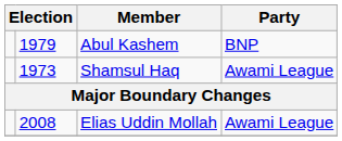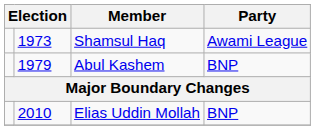 <table class="wikitable">
 <tr>
 <th colspan="2">Election</th>
 <th>Member</th>
 <th>Party</th>
 </tr>
 <tr>
 <td style="background-color:"></td>
+<td><a href='#'>1973</a></td>
+<td><a href='#'>Shamsul Haq</a></td>
+<td><a href='#'>Awami League</a></td>
+</tr>
+<tr>
+<td style="background-color:"></td>
 <td><a href='#'>1979</a></td>
 <td><a href='#'>Abul Kashem</a></td>
 <td><a href='#'>BNP</a></td>
-</tr>
-<tr>
-<td style="background-color:"></td>
-<td><a href='#'>1973</a></td>
-<td><a href='#'>Shamsul Haq</a></td>
-<td><a href='#'>Awami League</a></td>
 </tr>
 <tr>
 <th colspan="4">Major Boundary Changes</th>
 </tr>
 <tr>
 <td style="background-color:"></td>
-<td><a href='#'>2008</a></td>
+<td><a href='#'>2010</a></td>
 <td><a href='#'>Elias Uddin Mollah</a></td>
-<td><a href='#'>Awami League</a></td>
+<td><a href='#'>BNP</a></td>
 </tr>
 <tr>
 </tr>
 </table>
